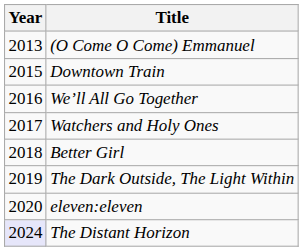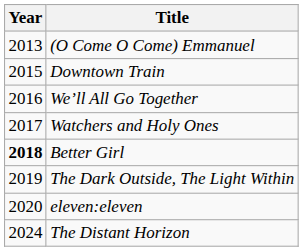 <table class="wikitable">
 <tr>
 <th>Year</th>
 <th>Title</th>
 </tr>
 <tr>
 <td>2013</td>
 <td><em>(O Come O Come) Emmanuel</em></td>
 </tr>
 <tr>
 <td>2015</td>
 <td><em>Downtown Train</em></td>
 </tr>
 <tr>
 <td>2016</td>
 <td><em>We’ll All Go Together</em></td>
 </tr>
 <tr>
 <td>2017</td>
 <td><em>Watchers and Holy Ones</em></td>
 </tr>
 <tr>
-<td>2018</td>
+<td><strong>2018</strong></td>
 <td><em>Better Girl</em></td>
 </tr>
 <tr>
 <td>2019</td>
 <td><em>The Dark Outside, The Light Within</em></td>
 </tr>
 <tr>
 <td>2020</td>
 <td><em>eleven:eleven</em></td>
 </tr>
 <tr>
-<td style="background: lavender;">2024</td>
+<td>2024</td>
 <td><em>The Distant Horizon</em></td>
 </tr>
 </table>
